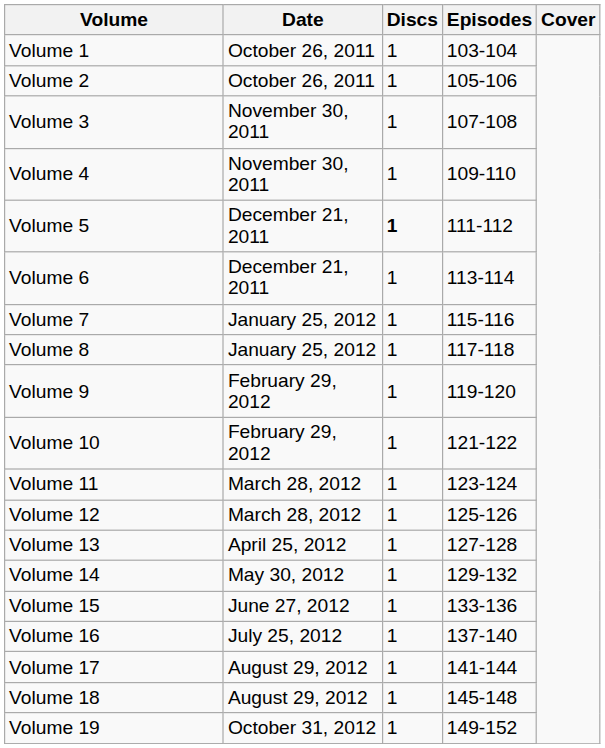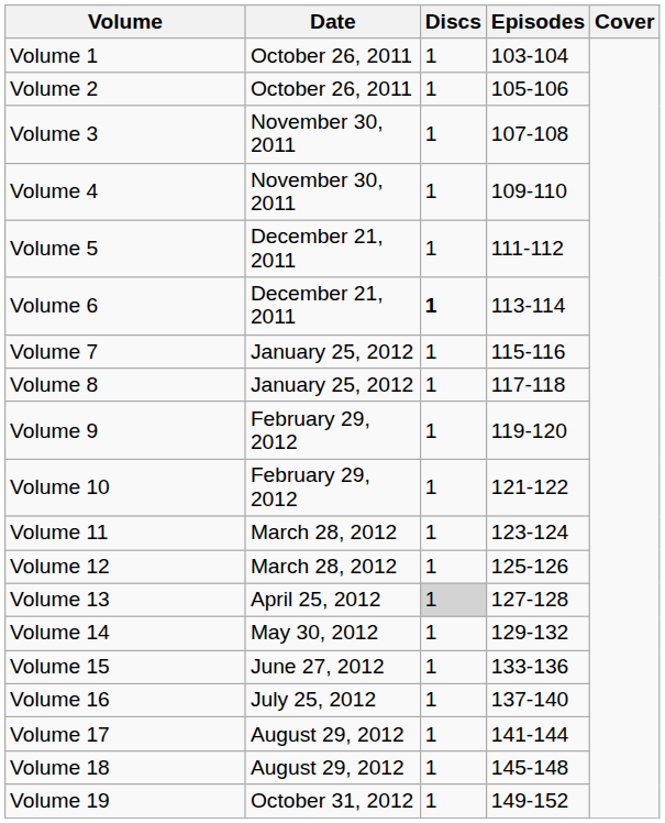 <table class="wikitable">
 <tr>
 <th style="width:175px">Volume</th>
 <th style="width:125px">Date</th>
 <th>Discs</th>
 <th>Episodes</th>
 <th>Cover</th>
 </tr>
 <tr>
 <td>Volume 1</td>
 <td>October 26, 2011</td>
 <td>1</td>
 <td>103-104</td>
 </tr>
 <tr>
 <td>Volume 2</td>
 <td>October 26, 2011</td>
 <td>1</td>
 <td>105-106</td>
 </tr>
 <tr>
 <td>Volume 3</td>
 <td>November 30, 2011</td>
 <td>1</td>
 <td>107-108</td>
 </tr>
 <tr>
 <td>Volume 4</td>
 <td>November 30, 2011</td>
 <td>1</td>
 <td>109-110</td>
 </tr>
 <tr>
 <td>Volume 5</td>
 <td>December 21, 2011</td>
-<td><strong>1</strong></td>
+<td>1</td>
 <td>111-112</td>
 </tr>
 <tr>
 <td>Volume 6</td>
 <td>December 21, 2011</td>
-<td>1</td>
+<td><strong>1</strong></td>
 <td>113-114</td>
 </tr>
 <tr>
 <td>Volume 7</td>
 <td>January 25, 2012</td>
 <td>1</td>
 <td>115-116</td>
 </tr>
 <tr>
 <td>Volume 8</td>
 <td>January 25, 2012</td>
 <td>1</td>
 <td>117-118</td>
 </tr>
 <tr>
 <td>Volume 9</td>
 <td>February 29, 2012</td>
 <td>1</td>
 <td>119-120</td>
 </tr>
 <tr>
 <td>Volume 10</td>
 <td>February 29, 2012</td>
 <td>1</td>
 <td>121-122</td>
 </tr>
 <tr>
 <td>Volume 11</td>
 <td>March 28, 2012</td>
 <td>1</td>
 <td>123-124</td>
 </tr>
 <tr>
 <td>Volume 12</td>
 <td>March 28, 2012</td>
 <td>1</td>
 <td>125-126</td>
 </tr>
 <tr>
 <td>Volume 13</td>
 <td>April 25, 2012</td>
-<td>1</td>
+<td style="background: lightgrey;">1</td>
 <td>127-128</td>
 </tr>
 <tr>
 <td>Volume 14</td>
 <td>May 30, 2012</td>
 <td>1</td>
 <td>129-132</td>
 </tr>
 <tr>
 <td>Volume 15</td>
 <td>June 27, 2012</td>
 <td>1</td>
 <td>133-136</td>
 </tr>
 <tr>
 <td>Volume 16</td>
 <td>July 25, 2012</td>
 <td>1</td>
 <td>137-140</td>
 </tr>
 <tr>
 <td>Volume 17</td>
 <td>August 29, 2012</td>
 <td>1</td>
 <td>141-144</td>
 </tr>
 <tr>
 <td>Volume 18</td>
 <td>August 29, 2012</td>
 <td>1</td>
 <td>145-148</td>
 </tr>
 <tr>
 <td>Volume 19</td>
 <td>October 31, 2012</td>
 <td>1</td>
 <td>149-152</td>
 </tr>
 <tr>
 </tr>
 </table>
